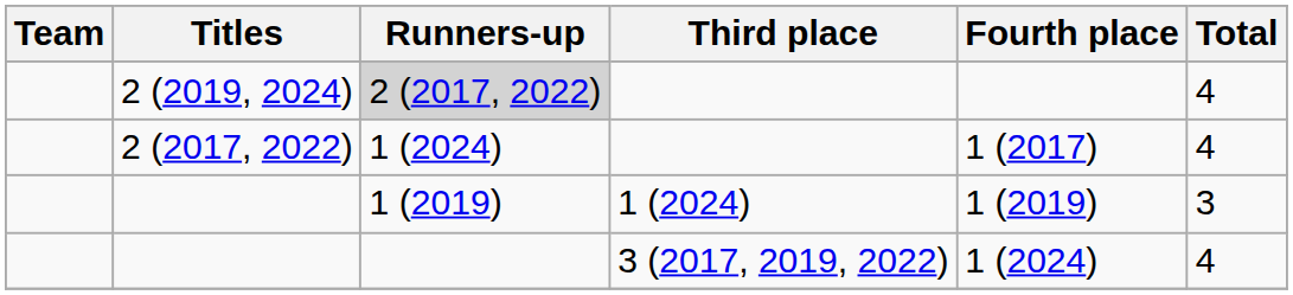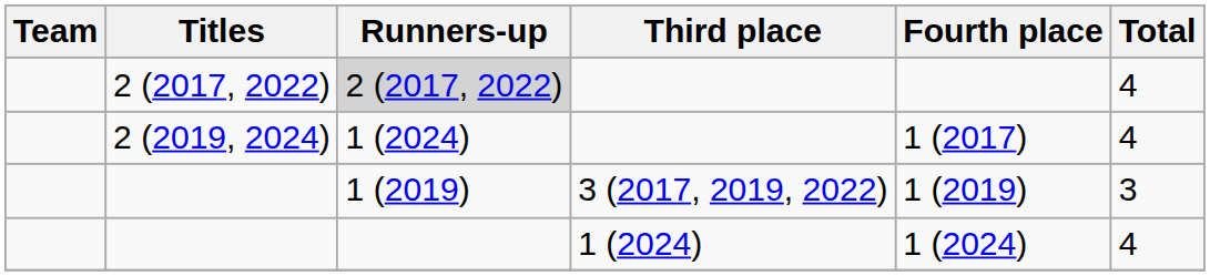 <table class="wikitable sortable">
 <tr>
 <th>Team</th>
 <th>Titles</th>
 <th>Runners-up</th>
 <th>Third place</th>
 <th>Fourth place</th>
 <th>Total</th>
 </tr>
 <tr>
 <td></td>
-<td>2 (<a href='#'>2019</a>, <a href='#'>2024</a>)</td>
+<td>2 (<a href='#'>2017</a>, <a href='#'>2022</a>)</td>
 <td style="background: lightgrey;">2 (<a href='#'>2017</a>, <a href='#'>2022</a>)</td>
 <td></td>
 <td></td>
 <td>4</td>
 </tr>
 <tr>
 <td></td>
-<td>2 (<a href='#'>2017</a>, <a href='#'>2022</a>)</td>
+<td>2 (<a href='#'>2019</a>, <a href='#'>2024</a>)</td>
 <td>1 (<a href='#'>2024</a>)</td>
 <td></td>
 <td>1 (<a href='#'>2017</a>)</td>
 <td>4</td>
 </tr>
 <tr>
 <td></td>
 <td></td>
 <td>1 (<a href='#'>2019</a>)</td>
-<td>1 (<a href='#'>2024</a>)</td>
+<td>3 (<a href='#'>2017</a>, <a href='#'>2019</a>, <a href='#'>2022</a>)</td>
 <td>1 (<a href='#'>2019</a>)</td>
 <td>3</td>
 </tr>
 <tr>
 <td></td>
 <td></td>
 <td></td>
-<td>3 (<a href='#'>2017</a>, <a href='#'>2019</a>, <a href='#'>2022</a>)</td>
+<td>1 (<a href='#'>2024</a>)</td>
 <td>1 (<a href='#'>2024</a>)</td>
 <td>4</td>
 </tr>
 <tr>
 </tr>
 </table>
